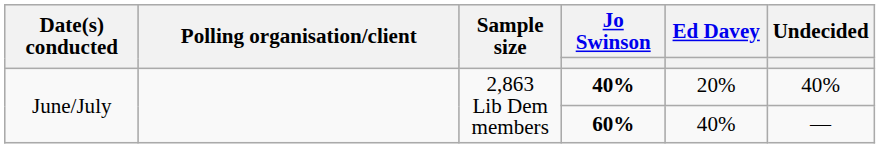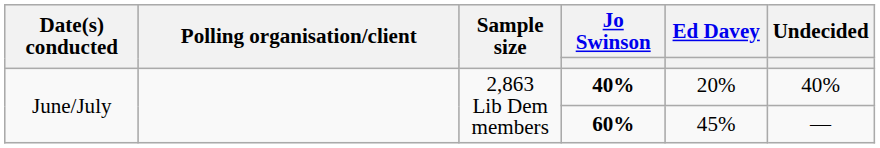 <table class="wikitable collapsible " style="text-align:center;font-size:85%;line-height:14px">
 <tr>
 <th style="width:80px;" rowspan="2">Date(s)<br>conducted</th>
 <th style="width:200px;" rowspan="2">Polling organisation/client</th>
 <th style="width:60px;" rowspan="2">Sample size</th>
 <th style="width:60px;" class="unsortable"><a href='#'>Jo <br> Swinson</a></th>
 <th style="width:60px;" class="unsortable"><a href='#'>Ed Davey</a></th>
 <th style="width:60px;" class="unsortable">Undecided</th>
 </tr>
 <tr>
 <th class="unsortable" style="color:inherit;background:"></th>
 <th class="unsortable" style="color:inherit;background:"></th>
 <th class="unsortable" style="color:inherit;background:"></th>
 </tr>
 <tr>
 <td rowspan="2">June/July</td>
 <td rowspan="2"></td>
 <td rowspan="2">2,863 <br> Lib Dem members</td>
 <td><strong>40%</strong></td>
 <td>20%</td>
 <td>40%</td>
 </tr>
 <tr>
 <td><strong>60%</strong></td>
-<td>40%</td>
+<td>45%</td>
 <td>—</td>
 </tr>
 </table>
